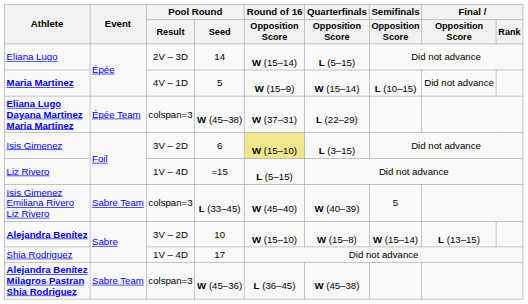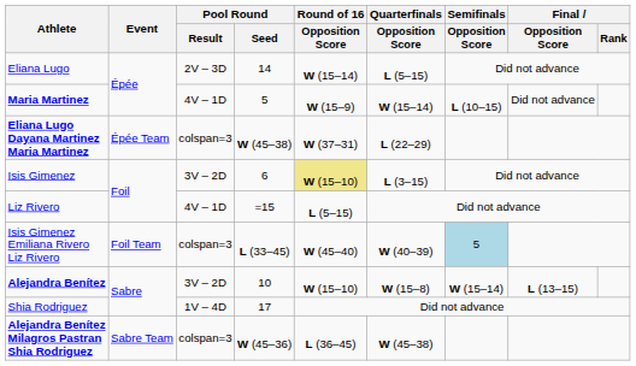 <table class=wikitable style="font-size:90%">
 <tr>
 <th rowspan="2">Athlete</th>
 <th rowspan="2">Event</th>
 <th colspan=2>Pool Round</th>
 <th>Round of 16</th>
 <th>Quarterfinals</th>
 <th>Semifinals</th>
 <th colspan=2>Final / </th>
 </tr>
 <tr style="font-size:95%">
 <th>Result</th>
 <th>Seed</th>
 <th>Opposition<br>Score</th>
 <th>Opposition<br>Score</th>
 <th>Opposition<br>Score</th>
 <th>Opposition<br>Score</th>
 <th>Rank</th>
 </tr>
 <tr align=center>
 <td align=left><a href='#'>Eliana Lugo</a></td>
 <td align=left rowspan=2><a href='#'>Épée</a></td>
 <td>2V – 3D</td>
 <td>14</td>
 <td align=center><br><strong>W</strong> (15–14)</td>
 <td align=center><br><strong>L</strong> (5–15)</td>
 <td colspan=3>Did not advance</td>
 </tr>
 <tr align=center>
 <td align=left><strong><a href='#'>Maria Martinez</a></strong></td>
 <td>4V – 1D</td>
 <td>5</td>
 <td align=center><br><strong>W</strong> (15–9)</td>
 <td align=center><br><strong>W</strong> (15–14)</td>
 <td align=center><br><strong>L</strong> (10–15)</td>
 <td>Did not advance</td>
 <td></td>
 </tr>
 <tr align=center>
 <td align=left><strong><a href='#'>Eliana Lugo</a></strong><br><strong><a href='#'>Dayana Martinez</a></strong><br><strong><a href='#'>Maria Martinez</a></strong></td>
 <td align=left><a href='#'>Épée Team</a></td>
 <td>colspan=3 </td>
 <td><br><strong>W</strong> (45–38)</td>
 <td><br><strong>W</strong> (37–31)</td>
 <td><br><strong>L</strong> (22–29)</td>
 <td></td>
 </tr>
 <tr align=center>
 <td align=left><a href='#'>Isis Gimenez</a></td>
 <td align=left rowspan=2><a href='#'>Foil</a></td>
 <td>3V – 2D</td>
 <td>6</td>
 <td align=center style="background: khaki;"><br><strong>W</strong> (15–10)</td>
 <td align=center><br><strong>L</strong> (3–15)</td>
 <td colspan=3>Did not advance</td>
 </tr>
 <tr align=center>
 <td align=left><a href='#'>Liz Rivero</a></td>
-<td>1V – 4D</td>
+<td>4V – 1D</td>
 <td>=15</td>
 <td align=center><br><strong>L</strong> (5–15)</td>
 <td colspan=4>Did not advance</td>
 </tr>
 <tr align=center>
 <td align=left><a href='#'>Isis Gimenez</a><br><a href='#'>Emiliana Rivero</a><br><a href='#'>Liz Rivero</a></td>
-<td align=left><a href='#'>Sabre Team</a></td>
+<td align=left><a href='#'>Foil Team</a></td>
 <td>colspan=3 </td>
 <td><br><strong>L</strong> (33–45)</td>
 <td><br><strong>W</strong> (45–40)</td>
 <td><br><strong>W</strong> (40–39)</td>
-<td>5</td>
+<td style="background: lightblue;">5</td>
 </tr>
 <tr align=center>
 <td align=left><strong><a href='#'>Alejandra Benítez</a></strong></td>
 <td align=left rowspan=2><a href='#'>Sabre</a></td>
 <td>3V – 2D</td>
 <td>10</td>
 <td><br><strong>W</strong> (15–10)</td>
 <td><br><strong>W</strong> (15–8)</td>
 <td><br><strong>W</strong> (15–14)</td>
 <td><br><strong>L</strong> (13–15)</td>
 <td></td>
 </tr>
 <tr align=center>
 <td align=left><a href='#'>Shia Rodriguez</a></td>
 <td>1V – 4D</td>
 <td>17</td>
 <td colspan=5>Did not advance</td>
 </tr>
 <tr align=center>
 <td align=left><strong><a href='#'>Alejandra Benítez</a></strong><br><strong><a href='#'>Milagros Pastran</a></strong><br><strong><a href='#'>Shia Rodriguez</a></strong></td>
 <td align=left><a href='#'>Sabre Team</a></td>
 <td>colspan=3 </td>
 <td><br><strong>W</strong> (45–36)</td>
 <td><br><strong>L</strong> (36–45)</td>
 <td><br><strong>W</strong> (45–38)</td>
 <td></td>
 </tr>
 </table>
